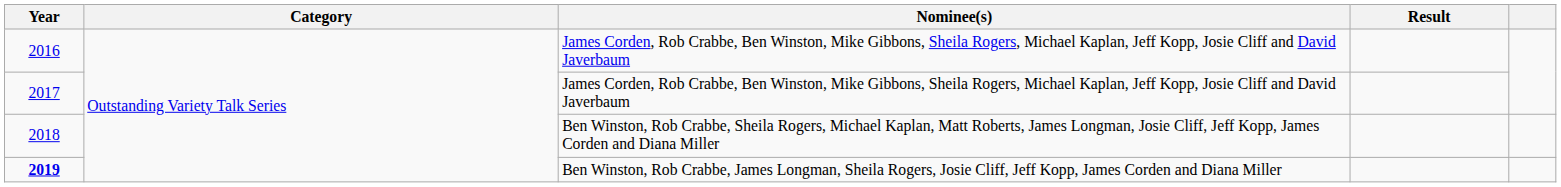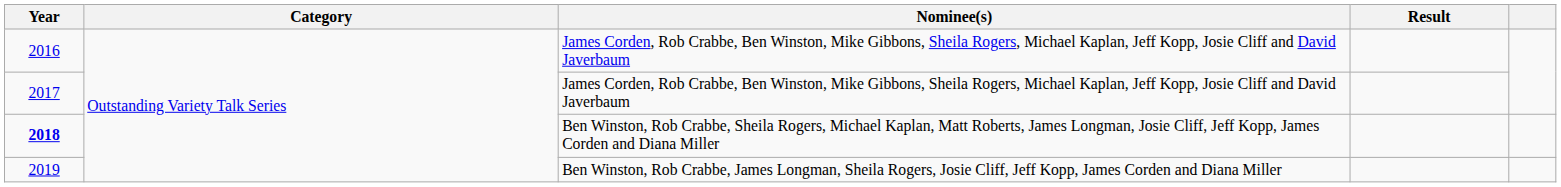 <table class="wikitable plainrowheaders" style="width:100%;">
 <tr>
 <th scope="col" style="width:5%;">Year</th>
 <th scope="col" style="width:30%;">Category</th>
 <th scope="col" style="width:50%;">Nominee(s)</th>
 <th scope="col" style="width:10%;">Result</th>
 <th scope="col" style="width:3%;"></th>
 </tr>
 <tr>
 <td align="center"><a href='#'>2016</a></td>
 <td rowspan="4"><a href='#'>Outstanding Variety Talk Series</a></td>
 <td><a href='#'>James Corden</a>, Rob Crabbe, Ben Winston, Mike Gibbons, <a href='#'>Sheila Rogers</a>, Michael Kaplan, Jeff Kopp, Josie Cliff and <a href='#'>David Javerbaum</a></td>
 <td></td>
 <td rowspan="2"></td>
 </tr>
 <tr>
 <td align="center"><a href='#'>2017</a></td>
 <td>James Corden, Rob Crabbe, Ben Winston, Mike Gibbons, Sheila Rogers, Michael Kaplan, Jeff Kopp, Josie Cliff and David Javerbaum</td>
 <td></td>
 </tr>
 <tr>
-<td align="center"><a href='#'>2018</a></td>
+<td align="center"><strong><a href='#'>2018</a></strong></td>
 <td>Ben Winston, Rob Crabbe, Sheila Rogers, Michael Kaplan, Matt Roberts, James Longman, Josie Cliff, Jeff Kopp, James Corden and Diana Miller</td>
 <td></td>
 <td></td>
 </tr>
 <tr>
-<td align="center"><strong><a href='#'>2019</a></strong></td>
+<td align="center"><a href='#'>2019</a></td>
 <td>Ben Winston, Rob Crabbe, James Longman, Sheila Rogers, Josie Cliff, Jeff Kopp, James Corden and Diana Miller</td>
 <td></td>
 <td></td>
 </tr>
 </table>
